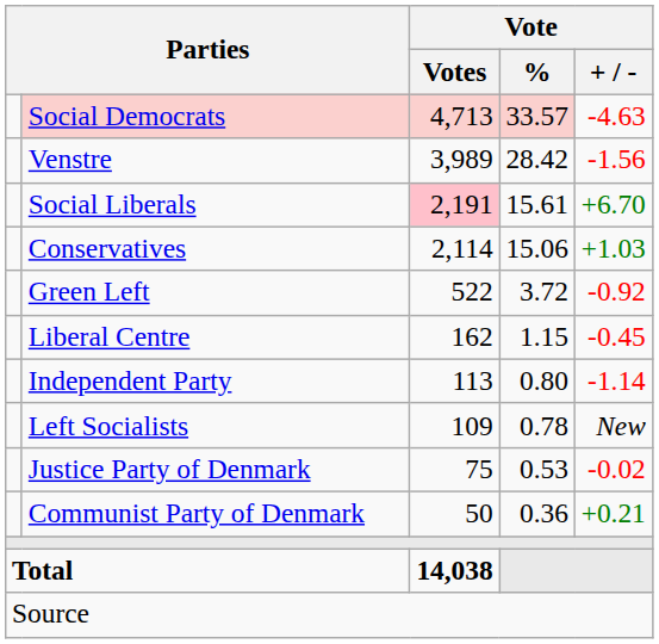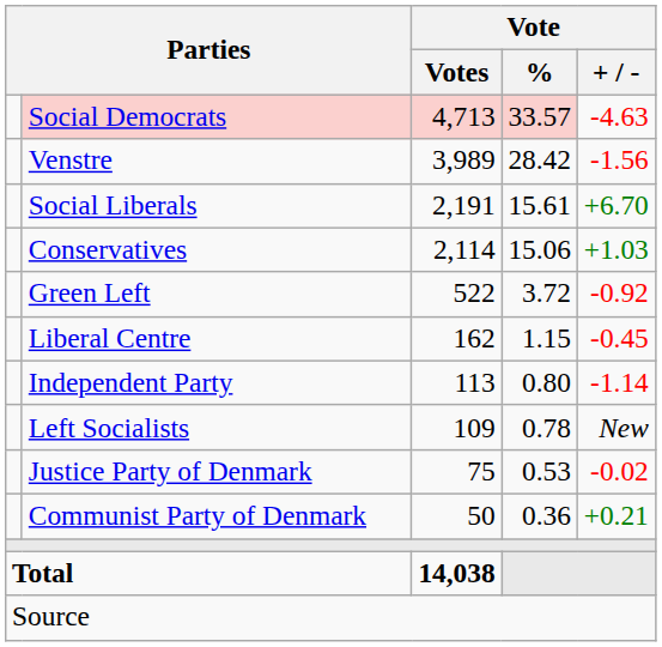 <table class="wikitable" style="text-align:right;">
 <tr>
 <th style="text-align:centre;" rowspan="2" colspan="2" width="225">Parties</th>
 <th colspan="3">Vote</th>
 </tr>
 <tr>
 <th width="15">Votes</th>
 <th width="15">%</th>
 <th width="15">+ / -</th>
 </tr>
 <tr>
 <td width="2" style="color:inherit;background:"></td>
 <td bgcolor=#fbd0ce  align="left"><a href='#'>Social Democrats</a></td>
 <td bgcolor=#fbd0ce>4,713</td>
 <td bgcolor=#fbd0ce>33.57</td>
 <td style=color:red;>-4.63</td>
 </tr>
 <tr>
 <td width="2" style="color:inherit;background:"></td>
 <td align="left"><a href='#'>Venstre</a></td>
 <td>3,989</td>
 <td>28.42</td>
 <td style=color:red;>-1.56</td>
 </tr>
 <tr>
 <td width="2" style="color:inherit;background:"></td>
 <td align="left"><a href='#'>Social Liberals</a></td>
-<td style="background: pink;">2,191</td>
+<td>2,191</td>
 <td>15.61</td>
 <td style=color:green;>+6.70</td>
 </tr>
 <tr>
 <td width="2" style="color:inherit;background:"></td>
 <td align="left"><a href='#'>Conservatives</a></td>
 <td>2,114</td>
 <td>15.06</td>
 <td style=color:green;>+1.03</td>
 </tr>
 <tr>
 <td width="2" style="color:inherit;background:"></td>
 <td align="left"><a href='#'>Green Left</a></td>
 <td>522</td>
 <td>3.72</td>
 <td style=color:red;>-0.92</td>
 </tr>
 <tr>
 <td width="2" style="color:inherit;background:"></td>
 <td align="left"><a href='#'>Liberal Centre</a></td>
 <td>162</td>
 <td>1.15</td>
 <td style=color:red;>-0.45</td>
 </tr>
 <tr>
 <td width="2" style="color:inherit;background:"></td>
 <td align="left"><a href='#'>Independent Party</a></td>
 <td>113</td>
 <td>0.80</td>
 <td style=color:red;>-1.14</td>
 </tr>
 <tr>
 <td width="2" style="color:inherit;background:"></td>
 <td align="left"><a href='#'>Left Socialists</a></td>
 <td>109</td>
 <td>0.78</td>
 <td><em>New</em></td>
 </tr>
 <tr>
 <td width="2" style="color:inherit;background:"></td>
 <td align="left"><a href='#'>Justice Party of Denmark</a></td>
 <td>75</td>
 <td>0.53</td>
 <td style=color:red;>-0.02</td>
 </tr>
 <tr>
 <td width="2" style="color:inherit;background:"></td>
 <td align="left"><a href='#'>Communist Party of Denmark</a></td>
 <td>50</td>
 <td>0.36</td>
 <td style=color:green;>+0.21</td>
 </tr>
 <tr>
 <td colspan="7" bgcolor="#E9E9E9"></td>
 </tr>
 <tr>
 <td align="left" colspan="2"><strong>Total</strong></td>
 <td><strong>14,038</strong></td>
 <td bgcolor="#E9E9E9" colspan="2"></td>
 </tr>
 <tr>
 <td align="left" colspan="6">Source</td>
 </tr>
 </table>
